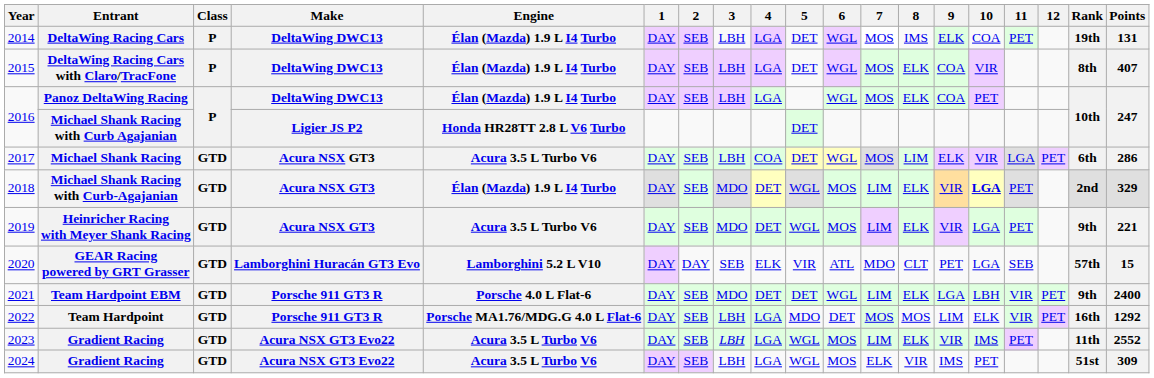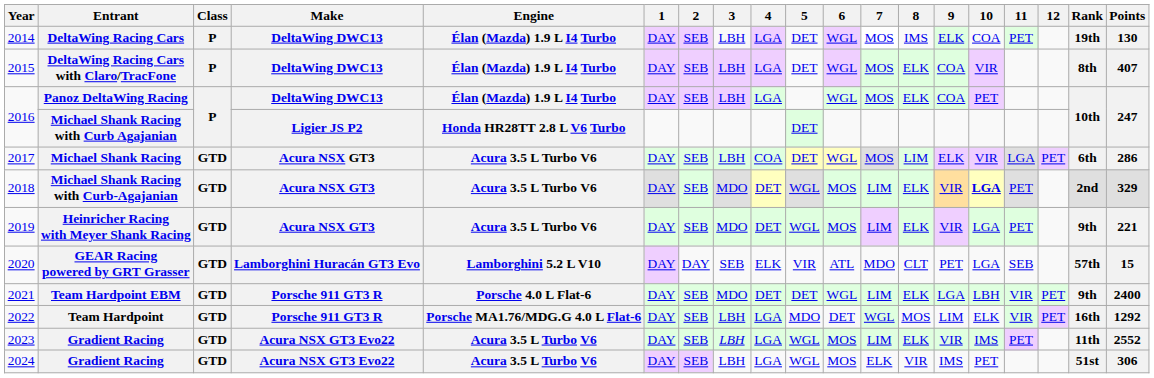 <table class="wikitable" style="text-align:center; font-size:85%">
 <tr>
 <th>Year</th>
 <th>Entrant</th>
 <th>Class</th>
 <th>Make</th>
 <th>Engine</th>
 <th>1</th>
 <th>2</th>
 <th>3</th>
 <th>4</th>
 <th>5</th>
 <th>6</th>
 <th>7</th>
 <th>8</th>
 <th>9</th>
 <th>10</th>
 <th>11</th>
 <th>12</th>
 <th>Rank</th>
 <th>Points</th>
 </tr>
 <tr>
 <td><a href='#'>2014</a></td>
 <th nowrap><a href='#'>DeltaWing Racing Cars</a></th>
 <th>P</th>
 <th nowrap><a href='#'>DeltaWing DWC13</a></th>
 <th nowrap><a href='#'>Élan</a> (<a href='#'>Mazda</a>) 1.9 L <a href='#'>I4</a> <a href='#'>Turbo</a></th>
 <td style="background:#EFCFFF;"><a href='#'>DAY</a><br></td>
 <td style="background:#EFCFFF;"><a href='#'>SEB</a><br></td>
 <td><a href='#'>LBH</a></td>
 <td style="background:#EFCFFF;"><a href='#'>LGA</a><br></td>
 <td><a href='#'>DET</a></td>
 <td style="background:#EFCFFF;"><a href='#'>WGL</a><br></td>
 <td style="background:#FFFFFF;"><a href='#'>MOS</a><br></td>
 <td><a href='#'>IMS</a></td>
 <td style="background:#DFFFDF;"><a href='#'>ELK</a><br></td>
 <td><a href='#'>COA</a></td>
 <td style="background:#DFFFDF;"><a href='#'>PET</a><br></td>
 <td></td>
 <th>19th</th>
-<th>131</th>
+<th>130</th>
 </tr>
 <tr>
 <td><a href='#'>2015</a></td>
 <th nowrap><a href='#'>DeltaWing Racing Cars</a><br>with <a href='#'>Claro</a>/<a href='#'>TracFone</a></th>
 <th>P</th>
 <th nowrap><a href='#'>DeltaWing DWC13</a></th>
 <th nowrap><a href='#'>Élan</a> (<a href='#'>Mazda</a>) 1.9 L <a href='#'>I4</a> <a href='#'>Turbo</a></th>
 <td style="background:#EFCFFF;"><a href='#'>DAY</a><br></td>
 <td style="background:#EFCFFF;"><a href='#'>SEB</a><br></td>
 <td style="background:#EFCFFF;"><a href='#'>LBH</a><br></td>
 <td style="background:#EFCFFF;"><a href='#'>LGA</a><br></td>
 <td><a href='#'>DET</a></td>
 <td style="background:#EFCFFF;"><a href='#'>WGL</a><br></td>
 <td style="background:#DFFFDF;"><a href='#'>MOS</a><br></td>
 <td style="background:#DFFFDF;"><a href='#'>ELK</a><br></td>
 <td style="background:#DFFFDF;"><a href='#'>COA</a><br></td>
 <td style="background:#EFCFFF;"><a href='#'>VIR</a><br></td>
 <td></td>
 <td></td>
 <th>8th</th>
 <th>407</th>
 </tr>
 <tr>
 <td rowspan=2><a href='#'>2016</a></td>
 <th nowrap><a href='#'>Panoz DeltaWing Racing</a></th>
 <th rowspan=2>P</th>
 <th nowrap><a href='#'>DeltaWing DWC13</a></th>
 <th nowrap><a href='#'>Élan</a> (<a href='#'>Mazda</a>) 1.9 L <a href='#'>I4</a> <a href='#'>Turbo</a></th>
 <td style="background:#EFCFFF;"><a href='#'>DAY</a><br></td>
 <td style="background:#EFCFFF;"><a href='#'>SEB</a><br></td>
 <td style="background:#EFCFFF;"><a href='#'>LBH</a><br></td>
 <td style="background:#DFFFDF;"><a href='#'>LGA</a><br></td>
 <td></td>
 <td style="background:#DFFFDF;"><a href='#'>WGL</a><br></td>
 <td style="background:#DFFFDF;"><a href='#'>MOS</a><br></td>
 <td style="background:#DFFFDF;"><a href='#'>ELK</a><br></td>
 <td style="background:#DFFFDF;"><a href='#'>COA</a><br></td>
 <td style="background:#EFCFFF;"><a href='#'>PET</a><br></td>
 <td></td>
 <td></td>
 <th rowspan=2>10th</th>
 <th rowspan=2>247</th>
 </tr>
 <tr>
 <th nowrap><a href='#'>Michael Shank Racing</a><br>with <a href='#'>Curb Agajanian</a></th>
 <th nowrap><a href='#'>Ligier JS P2</a></th>
 <th nowrap><a href='#'>Honda</a> HR28TT 2.8 L <a href='#'>V6</a> <a href='#'>Turbo</a></th>
 <td></td>
 <td></td>
 <td></td>
 <td></td>
 <td style="background:#DFFFDF;"><a href='#'>DET</a><br></td>
 <td></td>
 <td></td>
 <td></td>
 <td></td>
 <td></td>
 <td></td>
 <td></td>
 </tr>
 <tr>
 <td><a href='#'>2017</a></td>
 <th nowrap><a href='#'>Michael Shank Racing</a></th>
 <th>GTD</th>
 <th nowrap><a href='#'>Acura NSX</a> GT3</th>
 <th nowrap><a href='#'>Acura</a> 3.5 L Turbo V6</th>
 <td style="background:#DFFFDF;"><a href='#'>DAY</a><br></td>
 <td style="background:#DFFFDF;"><a href='#'>SEB</a><br></td>
 <td style="background:#DFFFDF;"><a href='#'>LBH</a><br></td>
 <td style="background:#DFFFDF;"><a href='#'>COA</a><br></td>
 <td style="background:#FFFFBF;"><a href='#'>DET</a><br></td>
 <td style="background:#FFFFBF;"><a href='#'>WGL</a><br></td>
 <td style="background:#DFDFDF;"><a href='#'>MOS</a><br></td>
 <td style="background:#DFFFDF;"><a href='#'>LIM</a><br></td>
 <td style="background:#EFCFFF;"><a href='#'>ELK</a><br></td>
 <td style="background:#EFCFFF;"><a href='#'>VIR</a><br></td>
 <td style="background:#DFDFDF;"><a href='#'>LGA</a><br></td>
 <td style="background:#EFCFFF;"><a href='#'>PET</a><br></td>
 <th>6th</th>
 <th>286</th>
 </tr>
 <tr>
 <td><a href='#'>2018</a></td>
 <th nowrap><a href='#'>Michael Shank Racing</a><br>with <a href='#'>Curb-Agajanian</a></th>
 <th>GTD</th>
 <th nowrap><a href='#'>Acura NSX GT3</a></th>
-<th nowrap><a href='#'>Élan</a> (<a href='#'>Mazda</a>) 1.9 L <a href='#'>I4</a> <a href='#'>Turbo</a></th>
+<th nowrap><a href='#'>Acura</a> 3.5 L Turbo V6</th>
 <td style="background:#DFDFDF;"><a href='#'>DAY</a><br></td>
 <td style="background:#DFFFDF;"><a href='#'>SEB</a><br></td>
 <td style="background:#DFDFDF;"><a href='#'>MDO</a><br></td>
 <td style="background:#FFFFBF;"><a href='#'>DET</a><br></td>
 <td style="background:#DFDFDF;"><a href='#'>WGL</a><br></td>
 <td style="background:#DFFFDF;"><a href='#'>MOS</a><br></td>
 <td style="background:#DFFFDF;"><a href='#'>LIM</a><br></td>
 <td style="background:#DFFFDF;"><a href='#'>ELK</a><br></td>
 <td style="background:#FFDF9F;"><a href='#'>VIR</a><br></td>
 <td style="background:#FFFFBF;"><strong><a href='#'>LGA</a></strong><br></td>
 <td style="background:#DFDFDF;"><a href='#'>PET</a><br></td>
 <td></td>
 <th style="background:#DFDFDF;">2nd</th>
 <th style="background:#DFDFDF;">329</th>
 </tr>
 <tr>
 <td><a href='#'>2019</a></td>
 <th nowrap><a href='#'>Heinricher Racing<br>with Meyer Shank Racing</a></th>
 <th>GTD</th>
 <th nowrap><a href='#'>Acura NSX GT3</a></th>
 <th nowrap><a href='#'>Acura</a> 3.5 L Turbo V6</th>
 <td style="background:#DFFFDF;"><a href='#'>DAY</a><br></td>
 <td style="background:#DFFFDF;"><a href='#'>SEB</a><br></td>
 <td style="background:#DFFFDF;"><a href='#'>MDO</a><br></td>
 <td style="background:#DFFFDF;"><a href='#'>DET</a><br></td>
 <td style="background:#DFFFDF;"><a href='#'>WGL</a><br></td>
 <td style="background:#DFFFDF;"><a href='#'>MOS</a><br></td>
 <td style="background:#EFCFFF;"><a href='#'>LIM</a><br></td>
 <td style="background:#DFFFDF;"><a href='#'>ELK</a><br></td>
 <td style="background:#EFCFFF;"><a href='#'>VIR</a><br></td>
 <td style="background:#DFFFDF;"><a href='#'>LGA</a><br></td>
 <td style="background:#DFFFDF;"><a href='#'>PET</a><br></td>
 <td></td>
 <th>9th</th>
 <th>221</th>
 </tr>
 <tr>
 <td><a href='#'>2020</a></td>
 <th nowrap><a href='#'>GEAR Racing<br>powered by GRT Grasser</a></th>
 <th>GTD</th>
 <th nowrap><a href='#'>Lamborghini Huracán GT3 Evo</a></th>
 <th nowrap><a href='#'>Lamborghini</a> 5.2 L V10</th>
 <td style="background:#EFCFFF;"><a href='#'>DAY</a><br></td>
 <td><a href='#'>DAY</a></td>
 <td><a href='#'>SEB</a></td>
 <td><a href='#'>ELK</a></td>
 <td><a href='#'>VIR</a></td>
 <td><a href='#'>ATL</a></td>
 <td><a href='#'>MDO</a></td>
 <td><a href='#'>CLT</a></td>
 <td><a href='#'>PET</a></td>
 <td><a href='#'>LGA</a></td>
 <td><a href='#'>SEB</a></td>
 <td></td>
 <th>57th</th>
 <th>15</th>
 </tr>
 <tr>
 <td><a href='#'>2021</a></td>
 <th nowrap><a href='#'>Team Hardpoint EBM</a></th>
 <th>GTD</th>
 <th nowrap><a href='#'>Porsche 911 GT3 R</a></th>
 <th nowrap><a href='#'>Porsche</a> 4.0 L Flat-6</th>
 <td style="background:#DFFFDF;"><a href='#'>DAY</a><br></td>
 <td style="background:#DFFFDF;"><a href='#'>SEB</a><br></td>
 <td style="background:#DFFFDF;"><a href='#'>MDO</a><br></td>
 <td style="background:#DFFFDF;"><a href='#'>DET</a><br></td>
 <td style="background:#DFFFDF;"><a href='#'>DET</a><br></td>
 <td style="background:#DFFFDF;"><a href='#'>WGL</a><br></td>
 <td style="background:#DFFFDF;"><a href='#'>LIM</a><br></td>
 <td style="background:#DFFFDF;"><a href='#'>ELK</a><br></td>
 <td style="background:#DFFFDF;"><a href='#'>LGA</a><br></td>
 <td style="background:#DFFFDF;"><a href='#'>LBH</a><br></td>
 <td style="background:#DFFFDF;"><a href='#'>VIR</a><br></td>
 <td style="background:#DFFFDF;"><a href='#'>PET</a><br></td>
 <th>9th</th>
 <th>2400</th>
 </tr>
 <tr>
 <td><a href='#'>2022</a></td>
 <th nowrap>Team Hardpoint</th>
 <th>GTD</th>
 <th nowrap><a href='#'>Porsche 911 GT3 R</a></th>
 <th nowrap><a href='#'>Porsche</a> MA1.76/MDG.G 4.0 L <a href='#'>Flat-6</a></th>
 <td style="background:#DFFFDF;"><a href='#'>DAY</a><br></td>
 <td style="background:#DFFFDF;"><a href='#'>SEB</a><br></td>
 <td style="background:#DFFFDF;"><a href='#'>LBH</a><br></td>
 <td style="background:#DFFFDF;"><a href='#'>LGA</a><br></td>
 <td><a href='#'>MDO</a></td>
 <td><a href='#'>DET</a></td>
-<td style="background:#DFFFDF;"><a href='#'>MOS</a><br></td>
+<td style="background:#DFFFDF;"><a href='#'>WGL</a><br></td>
 <td><a href='#'>MOS</a></td>
 <td><a href='#'>LIM</a></td>
 <td><a href='#'>ELK</a></td>
 <td style="background:#DFFFDF;"><a href='#'>VIR</a><br></td>
 <td style="background:#EFCFFF;"><a href='#'>PET</a><br></td>
 <th>16th</th>
 <th>1292</th>
 </tr>
 <tr>
 <td><a href='#'>2023</a></td>
 <th nowrap><a href='#'>Gradient Racing</a></th>
 <th>GTD</th>
 <th nowrap><a href='#'>Acura NSX GT3 Evo22</a></th>
 <th nowrap><a href='#'>Acura</a> 3.5 L <a href='#'>Turbo</a> <a href='#'>V6</a></th>
 <td style="background:#DFFFDF;"><a href='#'>DAY</a><br></td>
 <td style="background:#DFFFDF;"><a href='#'>SEB</a><br></td>
 <td style="background:#DFFFDF;"><em><a href='#'>LBH</a></em><br></td>
 <td style="background:#DFFFDF;"><a href='#'>LGA</a><br></td>
 <td style="background:#DFFFDF;"><a href='#'>WGL</a><br></td>
 <td style="background:#DFFFDF;"><a href='#'>MOS</a><br></td>
 <td style="background:#DFFFDF;"><a href='#'>LIM</a><br></td>
 <td style="background:#DFFFDF;"><a href='#'>ELK</a><br></td>
 <td style="background:#DFFFDF;"><a href='#'>VIR</a><br></td>
 <td style="background:#DFFFDF;"><a href='#'>IMS</a><br></td>
 <td style="background:#EFCFFF;"><a href='#'>PET</a><br></td>
 <td></td>
 <th>11th</th>
 <th>2552</th>
 </tr>
 <tr>
 <td><a href='#'>2024</a></td>
 <th nowrap><a href='#'>Gradient Racing</a></th>
 <th>GTD</th>
 <th nowrap><a href='#'>Acura NSX GT3 Evo22</a></th>
 <th nowrap><a href='#'>Acura</a> 3.5 L <a href='#'>Turbo</a> <a href='#'>V6</a></th>
 <td style="background:#EFCFFF;"><a href='#'>DAY</a><br></td>
 <td style="background:#EFCFFF;"><a href='#'>SEB</a><br></td>
 <td><a href='#'>LBH</a></td>
 <td><a href='#'>LGA</a></td>
 <td><a href='#'>WGL</a></td>
 <td><a href='#'>MOS</a></td>
 <td><a href='#'>ELK</a></td>
 <td><a href='#'>VIR</a></td>
 <td><a href='#'>IMS</a></td>
 <td><a href='#'>PET</a></td>
 <td></td>
 <td></td>
 <th>51st</th>
-<th>309</th>
+<th>306</th>
 </tr>
 </table>
